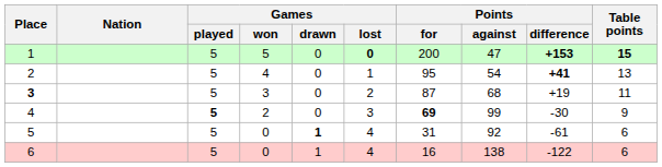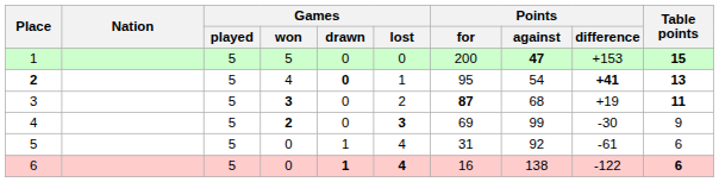 <table class="wikitable">
 <tr>
 <th rowspan=2 width="8%">Place</th>
 <th rowspan=2 width="20%">Nation</th>
 <th colspan=4 width="32%">Games</th>
 <th colspan=3 width="30%">Points</th>
 <th rowspan=2 width="10%">Table<br>points</th>
 </tr>
 <tr>
 <th width="8%">played</th>
 <th width="8%">won</th>
 <th width="8%">drawn</th>
 <th width="8%">lost</th>
 <th width="10%">for</th>
 <th width="10%">against</th>
 <th width="10%">difference</th>
 </tr>
 <tr bgcolor=#ccffcc align=center>
 <td>1</td>
 <td align=left><strong></strong></td>
 <td>5</td>
 <td>5</td>
 <td>0</td>
-<td><strong>0</strong></td>
+<td>0</td>
 <td>200</td>
-<td>47</td>
-<td><strong>+153</strong></td>
+<td><strong>47</strong></td>
+<td>+153</td>
 <td><strong>15</strong></td>
 </tr>
 <tr bgcolor=#ffffff align=center>
-<td>2</td>
+<td><strong>2</strong></td>
 <td align=left></td>
 <td>5</td>
 <td>4</td>
-<td>0</td>
+<td><strong>0</strong></td>
 <td>1</td>
 <td>95</td>
 <td>54</td>
 <td><strong>+41</strong></td>
-<td>13</td>
+<td><strong>13</strong></td>
 </tr>
 <tr bgcolor=#ffffff align=center>
-<td><strong>3</strong></td>
+<td>3</td>
 <td align=left></td>
 <td>5</td>
-<td>3</td>
+<td><strong>3</strong></td>
 <td>0</td>
 <td>2</td>
-<td>87</td>
+<td><strong>87</strong></td>
 <td>68</td>
 <td>+19</td>
-<td>11</td>
+<td><strong>11</strong></td>
 </tr>
 <tr bgcolor=#ffffff align=center>
 <td>4</td>
 <td align=left></td>
-<td><strong>5</strong></td>
-<td>2</td>
+<td>5</td>
+<td><strong>2</strong></td>
 <td>0</td>
-<td>3</td>
-<td><strong>69</strong></td>
+<td><strong>3</strong></td>
+<td>69</td>
 <td>99</td>
 <td>-30</td>
 <td>9</td>
 </tr>
 <tr bgcolor=#ffffff align=center>
 <td>5</td>
 <td align=left></td>
 <td>5</td>
 <td>0</td>
-<td><strong>1</strong></td>
+<td>1</td>
 <td>4</td>
 <td>31</td>
 <td>92</td>
 <td>-61</td>
 <td>6</td>
 </tr>
 <tr bgcolor=#ffcccc align=center>
 <td>6</td>
 <td align=left><em></em></td>
 <td>5</td>
 <td>0</td>
-<td>1</td>
-<td>4</td>
+<td><strong>1</strong></td>
+<td><strong>4</strong></td>
 <td>16</td>
 <td>138</td>
 <td>-122</td>
-<td>6</td>
+<td><strong>6</strong></td>
 </tr>
 </table>
